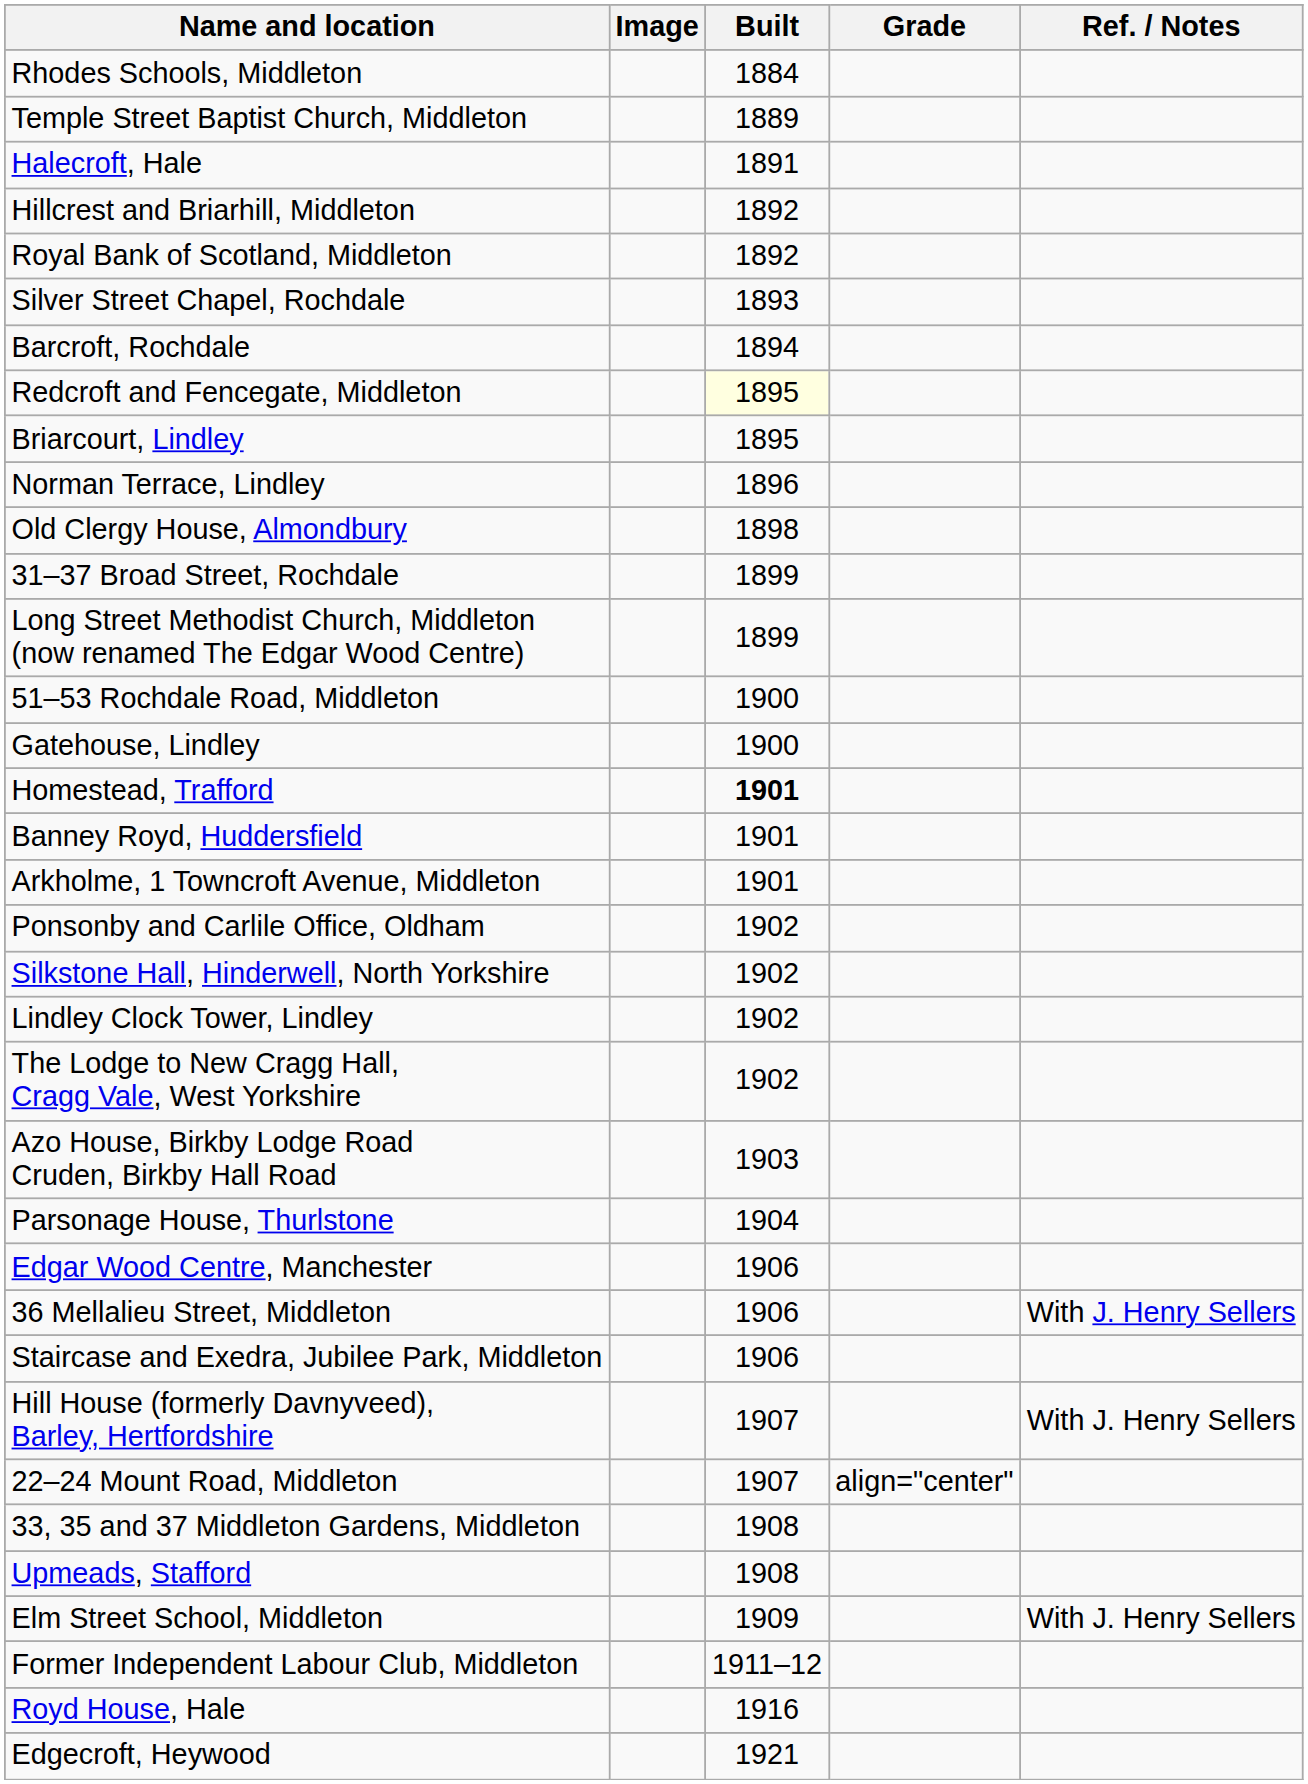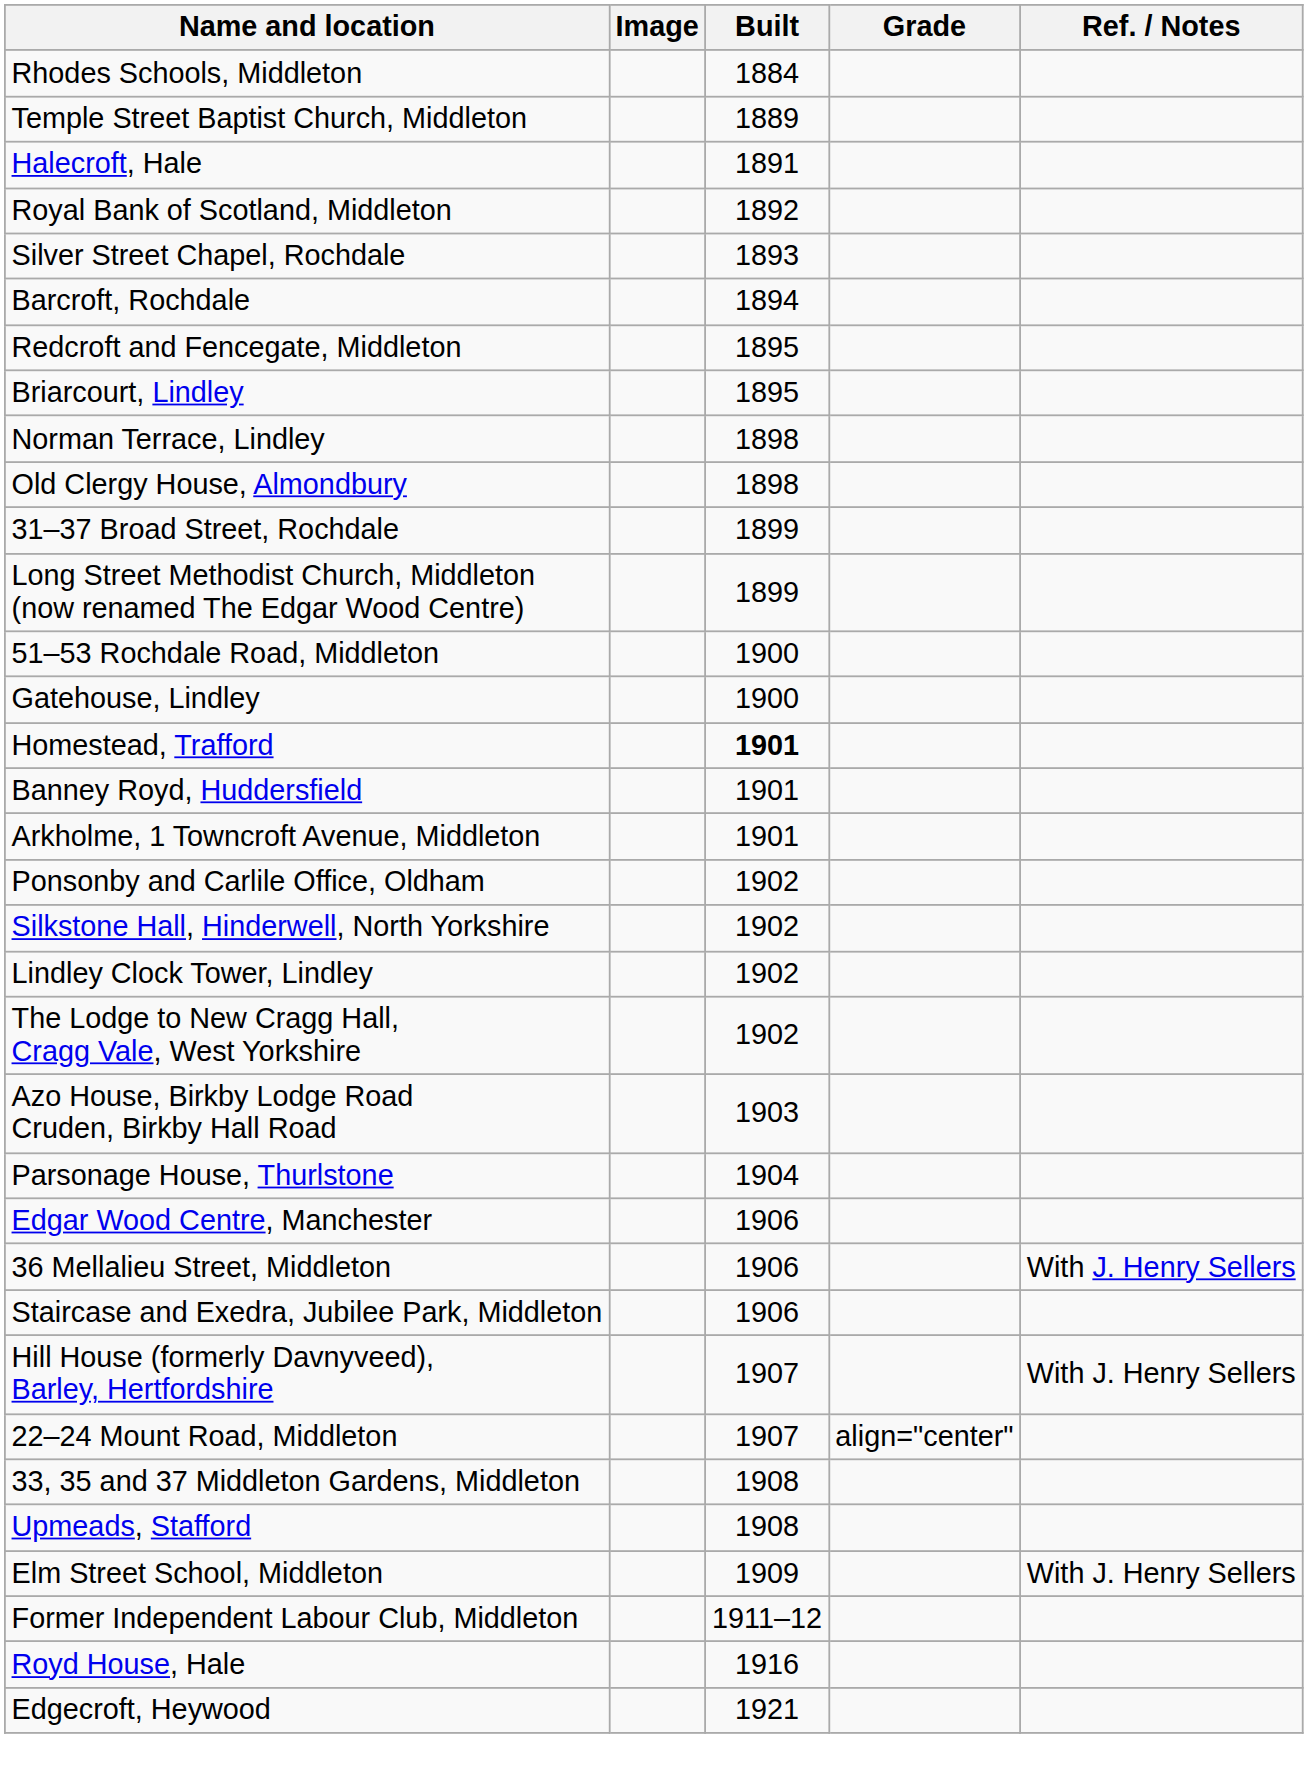 <table class="wikitable sortable">
 <tr>
 <th>Name and location</th>
 <th class="unsortable">Image</th>
 <th>Built</th>
 <th>Grade</th>
 <th class="unsortable">Ref. / Notes</th>
 </tr>
 <tr>
 <td>Rhodes Schools, Middleton</td>
 <td></td>
 <td align="center">1884</td>
 <td align="center" ></td>
 <td align="center"></td>
 </tr>
 <tr>
 <td>Temple Street Baptist Church, Middleton</td>
 <td></td>
 <td align="center">1889</td>
 <td align="center" ></td>
 <td align="center"></td>
 </tr>
 <tr>
 <td><a href='#'>Halecroft</a>, Hale</td>
 <td></td>
 <td align="center">1891</td>
 <td align="center" ></td>
 <td align="center"></td>
 </tr>
 <tr>
-<td>Hillcrest and Briarhill, Middleton</td>
-<td></td>
-<td align="center">1892</td>
-<td align="center" ></td>
-<td align="center"></td>
-</tr>
-<tr>
 <td>Royal Bank of Scotland, Middleton</td>
 <td></td>
 <td align="center">1892</td>
 <td align="center" ></td>
 <td align="center"></td>
 </tr>
 <tr>
 <td>Silver Street Chapel, Rochdale</td>
 <td></td>
 <td align="center">1893</td>
 <td align="center" ></td>
 <td align="center"></td>
 </tr>
 <tr>
 <td>Barcroft, Rochdale</td>
 <td></td>
 <td align="center">1894</td>
 <td align="center" ></td>
 <td align="center"></td>
 </tr>
 <tr>
 <td>Redcroft and Fencegate, Middleton</td>
 <td></td>
-<td align="center" style="background: lightyellow;">1895</td>
+<td align="center">1895</td>
 <td align="center" ></td>
 <td align="center"></td>
 </tr>
 <tr>
 <td>Briarcourt, <a href='#'>Lindley</a></td>
 <td></td>
 <td align="center">1895</td>
 <td align="center" ></td>
 <td align="center"></td>
 </tr>
 <tr>
 <td>Norman Terrace, Lindley</td>
 <td></td>
-<td align="center">1896</td>
+<td align="center">1898</td>
 <td align="center" ></td>
 <td align="center"></td>
 </tr>
 <tr>
 <td>Old Clergy House, <a href='#'>Almondbury</a></td>
 <td></td>
 <td align="center">1898</td>
 <td align="center" ></td>
 <td align="center"></td>
 </tr>
 <tr>
 <td>31–37 Broad Street, Rochdale</td>
 <td></td>
 <td align="center">1899</td>
 <td align="center" ></td>
 <td align="center"></td>
 </tr>
 <tr>
 <td>Long Street Methodist Church, Middleton<br>(now renamed The Edgar Wood Centre)</td>
 <td></td>
 <td align="center">1899</td>
 <td align="center" ></td>
 <td align="center"></td>
 </tr>
 <tr>
 <td>51–53 Rochdale Road, Middleton</td>
 <td></td>
 <td align="center">1900</td>
 <td align="center" ></td>
 <td align="center"></td>
 </tr>
 <tr>
 <td>Gatehouse, Lindley</td>
 <td></td>
 <td align="center">1900</td>
 <td align="center" ></td>
 <td align="center"></td>
 </tr>
 <tr>
 <td>Homestead, <a href='#'>Trafford</a></td>
 <td></td>
 <td align="center"><strong>1901</strong></td>
 <td align="center" ></td>
 <td align="center"></td>
 </tr>
 <tr>
 <td>Banney Royd, <a href='#'>Huddersfield</a></td>
 <td></td>
 <td align="center">1901</td>
 <td align="center" ></td>
 <td align="center"></td>
 </tr>
 <tr>
 <td>Arkholme, 1 Towncroft Avenue, Middleton</td>
 <td></td>
 <td align="center">1901</td>
 <td align="center" ></td>
 <td align="center"></td>
 </tr>
 <tr>
 <td>Ponsonby and Carlile Office, Oldham</td>
 <td></td>
 <td align="center">1902</td>
 <td align="center" ></td>
 <td align="center"></td>
 </tr>
 <tr>
 <td><a href='#'>Silkstone Hall</a>, <a href='#'>Hinderwell</a>, North Yorkshire</td>
 <td></td>
 <td align="center">1902</td>
 <td align="center" ></td>
 <td align="center"></td>
 </tr>
 <tr>
 <td>Lindley Clock Tower, Lindley</td>
 <td></td>
 <td align="center">1902</td>
 <td align="center" ></td>
 <td align="center"></td>
 </tr>
 <tr>
 <td>The Lodge to New Cragg Hall,<br><a href='#'>Cragg Vale</a>, West Yorkshire</td>
 <td></td>
 <td align="center">1902</td>
 <td align="center" ></td>
 <td align="center"></td>
 </tr>
 <tr>
 <td>Azo House, Birkby Lodge Road<br>Cruden, Birkby Hall Road</td>
 <td></td>
 <td align="center">1903</td>
 <td align="center" ></td>
 <td align="center"></td>
 </tr>
 <tr>
 <td>Parsonage House, <a href='#'>Thurlstone</a></td>
 <td></td>
 <td align="center">1904</td>
 <td align="center" ></td>
 <td align="center"></td>
 </tr>
 <tr>
 <td><a href='#'>Edgar Wood Centre</a>, Manchester</td>
 <td></td>
 <td align="center">1906</td>
 <td align="center" ></td>
 <td align="center"></td>
 </tr>
 <tr>
 <td>36 Mellalieu Street, Middleton</td>
 <td></td>
 <td align="center">1906</td>
 <td align="center" ></td>
 <td align="center">With <a href='#'>J. Henry Sellers</a></td>
 </tr>
 <tr>
 <td>Staircase and Exedra, Jubilee Park, Middleton</td>
 <td></td>
 <td align="center">1906</td>
 <td align="center" ></td>
 <td align="center"></td>
 </tr>
 <tr>
 <td>Hill House (formerly Davnyveed),<br><a href='#'>Barley, Hertfordshire</a></td>
 <td></td>
 <td align="center">1907</td>
 <td align="center" ></td>
 <td align="center">With J. Henry Sellers</td>
 </tr>
 <tr>
 <td>22–24 Mount Road, Middleton</td>
 <td></td>
 <td align="center">1907</td>
 <td>align="center" </td>
 <td align="center"></td>
 </tr>
 <tr>
 <td>33, 35 and 37 Middleton Gardens, Middleton</td>
 <td></td>
 <td align="center">1908</td>
 <td align="center" ></td>
 <td align="center"></td>
 </tr>
 <tr>
 <td><a href='#'>Upmeads</a>, <a href='#'>Stafford</a></td>
 <td></td>
 <td align="center">1908</td>
 <td align="center" ></td>
 <td align="center"></td>
 </tr>
 <tr>
 <td>Elm Street School, Middleton</td>
 <td></td>
 <td align="center">1909</td>
 <td align="center" ></td>
 <td align="center">With J. Henry Sellers</td>
 </tr>
 <tr>
 <td>Former Independent Labour Club, Middleton</td>
 <td></td>
 <td align="center">1911–12</td>
 <td align="center" ></td>
 <td align="center"></td>
 </tr>
 <tr>
 <td><a href='#'>Royd House</a>, Hale</td>
 <td></td>
 <td align="center">1916</td>
 <td align="center" ></td>
 <td align="center"></td>
 </tr>
 <tr>
 <td>Edgecroft, Heywood</td>
 <td></td>
 <td align="center">1921</td>
 <td align="center" ></td>
 <td align="center"></td>
 </tr>
 </table>
